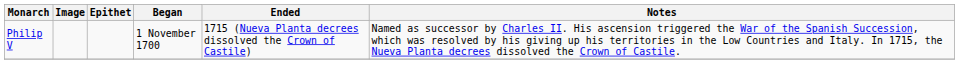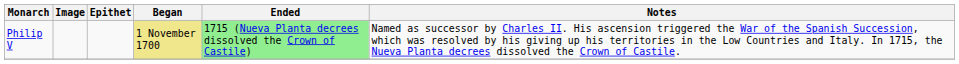 <table class="wikitable">
 <tr>
 <th>Monarch</th>
 <th>Image</th>
 <th>Epithet</th>
 <th>Began</th>
 <th>Ended</th>
 <th>Notes</th>
 </tr>
 <tr>
 <td><a href='#'>Philip V</a></td>
 <td></td>
 <td></td>
-<td>1 November 1700</td>
-<td>1715 (<a href='#'>Nueva Planta decrees</a> dissolved the <a href='#'>Crown of Castile</a>)</td>
+<td style="background: khaki;">1 November 1700</td>
+<td style="background: lightgreen;">1715 (<a href='#'>Nueva Planta decrees</a> dissolved the <a href='#'>Crown of Castile</a>)</td>
 <td>Named as successor by <a href='#'>Charles II</a>. His ascension triggered the <a href='#'>War of the Spanish Succession</a>, which was resolved by his giving up his territories in the Low Countries and Italy. In 1715, the <a href='#'>Nueva Planta decrees</a> dissolved the <a href='#'>Crown of Castile</a>.</td>
 </tr>
 <tr>
 </tr>
 </table>
